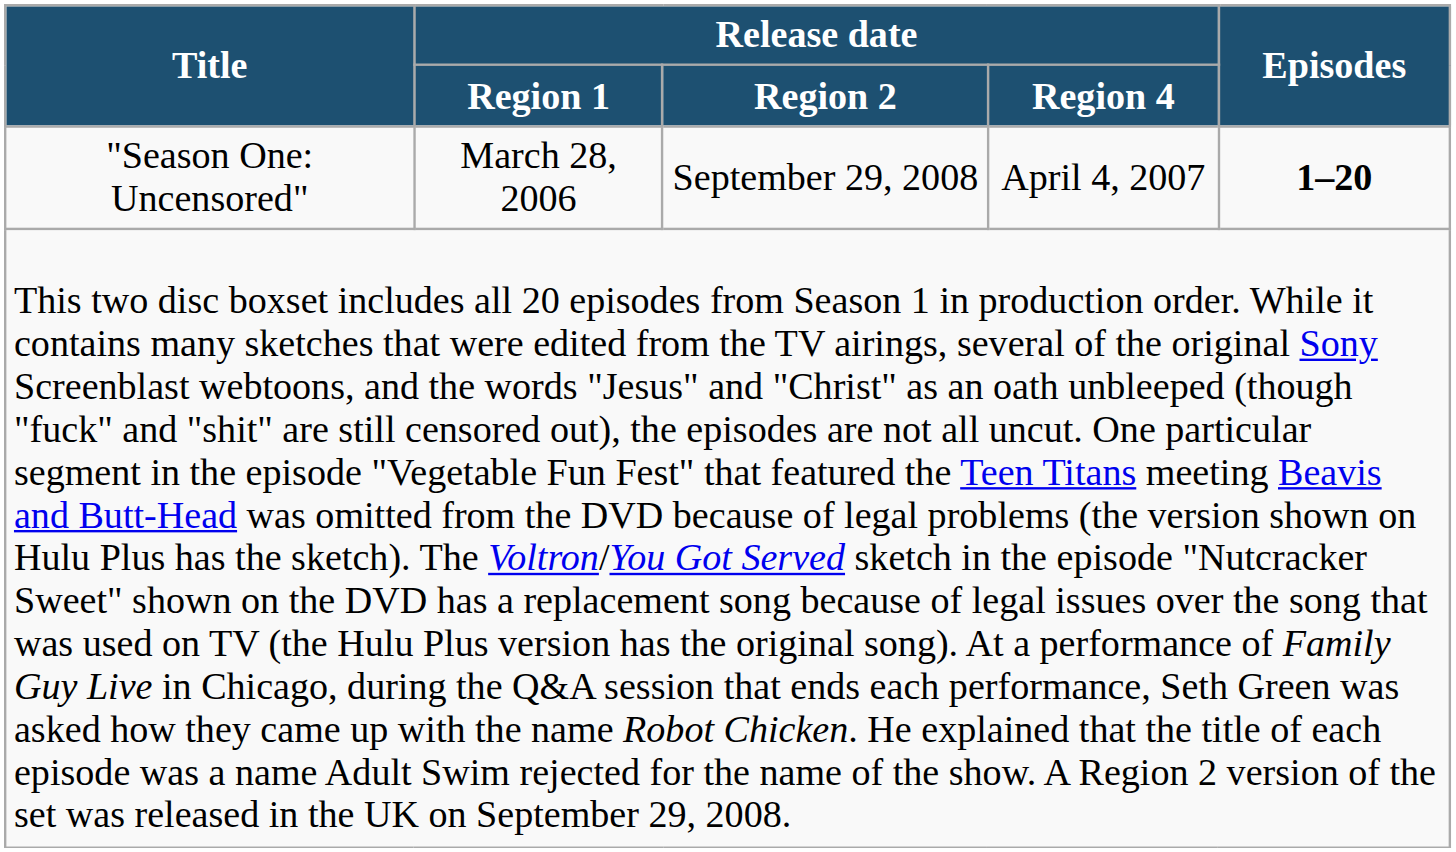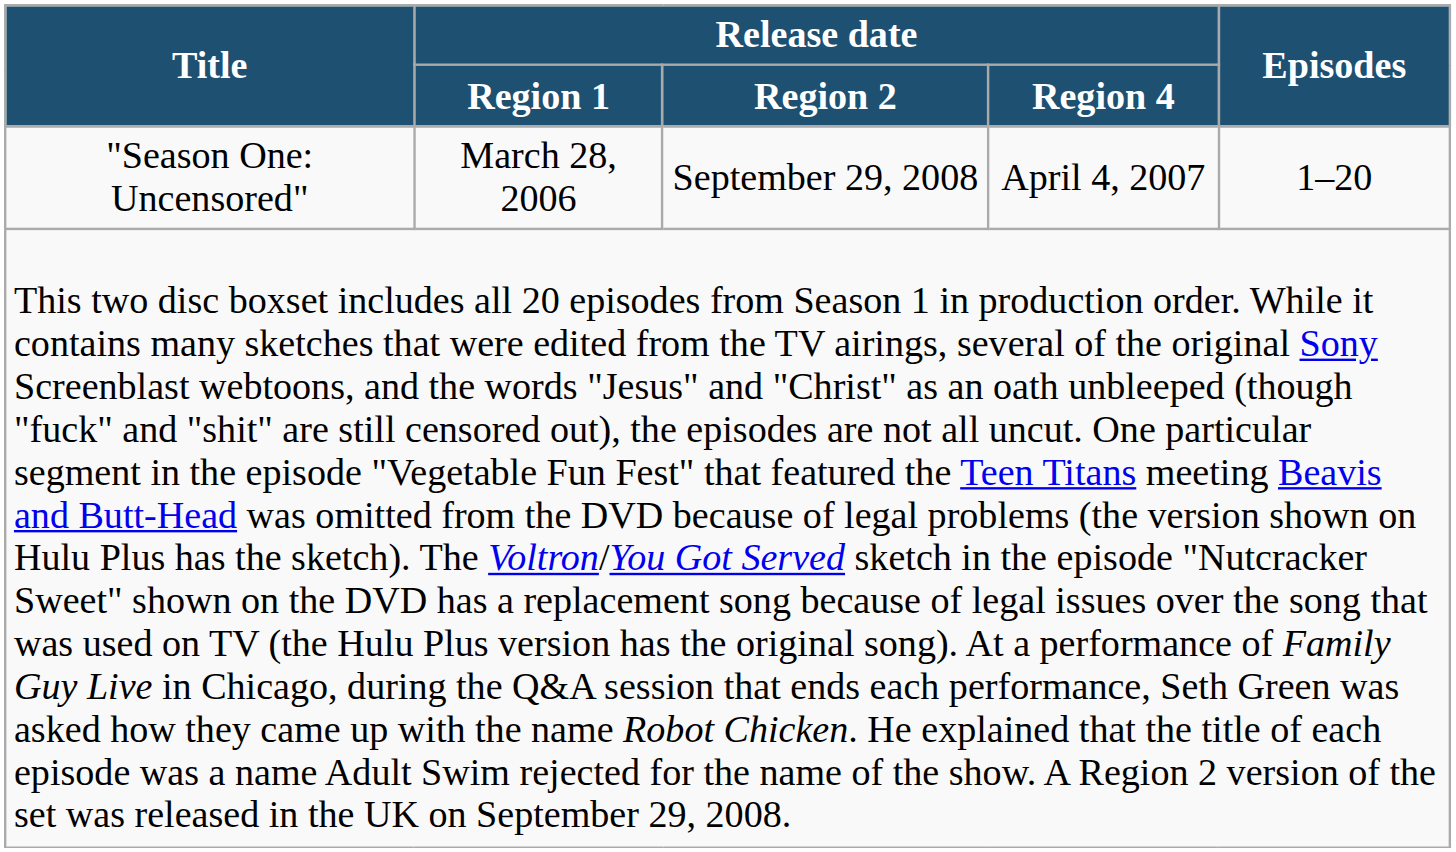 <table class="wikitable plainrowheaders">
 <tr>
 <th rowspan="2" style="background-color: #1d5071; color: #ffffff;">Title</th>
 <th colspan="3" style="background-color: #1d5071; color: #ffffff;">Release date</th>
 <th rowspan="2" style="background-color: #1d5071; color: #ffffff;">Episodes</th>
 </tr>
 <tr>
 <th style="background-color: #1d5071; color: #ffffff;">Region 1</th>
 <th style="background-color: #1d5071; color: #ffffff;">Region 2</th>
 <th style="background-color: #1d5071; color: #ffffff;">Region 4</th>
 </tr>
 <tr style="text-align:center;">
 <td>"Season One: Uncensored"</td>
 <td>March 28, 2006</td>
 <td>September 29, 2008</td>
 <td>April 4, 2007</td>
-<td><strong>1–20</strong></td>
+<td>1–20</td>
 </tr>
 <tr>
 <td colspan="5"><br>This two disc boxset includes all 20 episodes from Season 1 in production order. While it contains many sketches that were edited from the TV airings, several of the original <a href='#'>Sony</a> Screenblast webtoons, and the words "Jesus" and "Christ" as an oath unbleeped (though "fuck" and "shit" are still censored out), the episodes are not all uncut. One particular segment in the episode "Vegetable Fun Fest" that featured the <a href='#'>Teen Titans</a> meeting <a href='#'>Beavis and Butt-Head</a> was omitted from the DVD because of legal problems (the version shown on Hulu Plus has the sketch). The <em><a href='#'>Voltron</a></em>/<em><a href='#'>You Got Served</a></em> sketch in the episode "Nutcracker Sweet" shown on the DVD has a replacement song because of legal issues over the song that was used on TV (the Hulu Plus version has the original song). At a performance of <em>Family Guy Live</em> in Chicago, during the Q&A session that ends each performance, Seth Green was asked how they came up with the name <em>Robot Chicken</em>. He explained that the title of each episode was a name Adult Swim rejected for the name of the show. A Region 2 version of the set was released in the UK on September 29, 2008.</td>
 </tr>
 </table>
